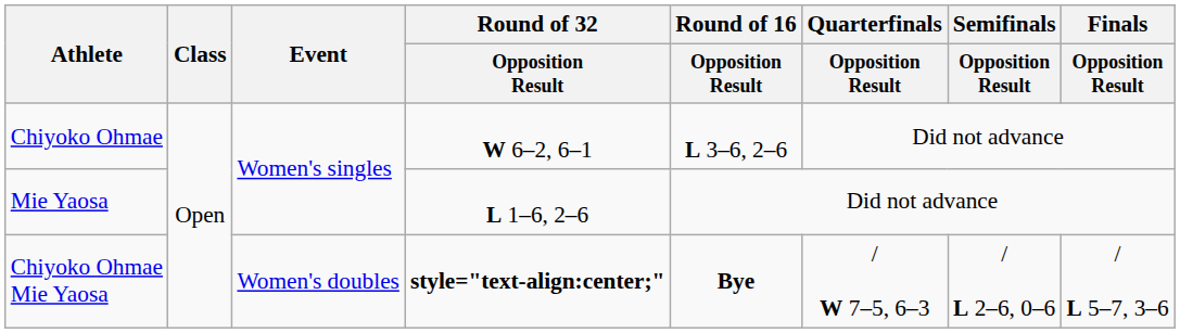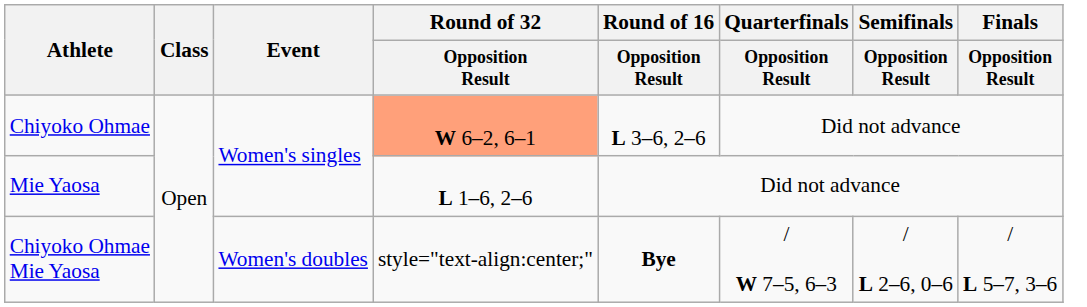 <table class=wikitable style="font-size:90%">
 <tr>
 <th rowspan="2">Athlete</th>
 <th rowspan="2">Class</th>
 <th rowspan="2">Event</th>
 <th>Round of 32</th>
 <th>Round of 16</th>
 <th>Quarterfinals</th>
 <th>Semifinals</th>
 <th>Finals</th>
 </tr>
 <tr>
 <th style="line-height:1em"><small>Opposition<br>Result</small></th>
 <th style="line-height:1em"><small>Opposition<br>Result</small></th>
 <th style="line-height:1em"><small>Opposition<br>Result</small></th>
 <th style="line-height:1em"><small>Opposition<br>Result</small></th>
 <th style="line-height:1em"><small>Opposition<br>Result</small></th>
 </tr>
 <tr>
 <td><a href='#'>Chiyoko Ohmae</a></td>
 <td rowspan="3" style="text-align:center;">Open</td>
 <td rowspan="2"><a href='#'>Women's singles</a></td>
-<td style="text-align:center;"><br><strong>W</strong> 6–2, 6–1</td>
+<td style="background: lightsalmon; text-align:center;"><br><strong>W</strong> 6–2, 6–1</td>
 <td style="text-align:center;"><br><strong>L</strong> 3–6, 2–6</td>
 <td style="text-align:center;" colspan="3">Did not advance</td>
 </tr>
 <tr>
 <td><a href='#'>Mie Yaosa</a></td>
 <td style="text-align:center;"><br><strong>L</strong> 1–6, 2–6</td>
 <td style="text-align:center;" colspan="4">Did not advance</td>
 </tr>
 <tr>
 <td><a href='#'>Chiyoko Ohmae</a><br> <a href='#'>Mie Yaosa</a></td>
 <td><a href='#'>Women's doubles</a></td>
-<td><strong>style="text-align:center;" </strong></td>
+<td>style="text-align:center;" </td>
 <td style="text-align:center;"><strong>Bye</strong></td>
 <td style="text-align:center;"> / <br> <br><strong>W</strong> 7–5, 6–3</td>
 <td style="text-align:center;"> / <br> <br><strong>L</strong> 2–6, 0–6</td>
 <td style="text-align:center;"> / <br> <br><strong>L</strong> 5–7, 3–6</td>
 </tr>
 </table>
